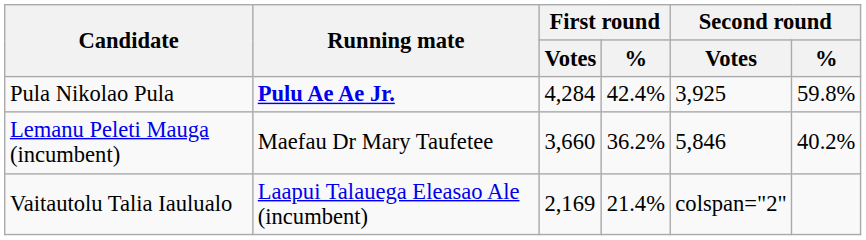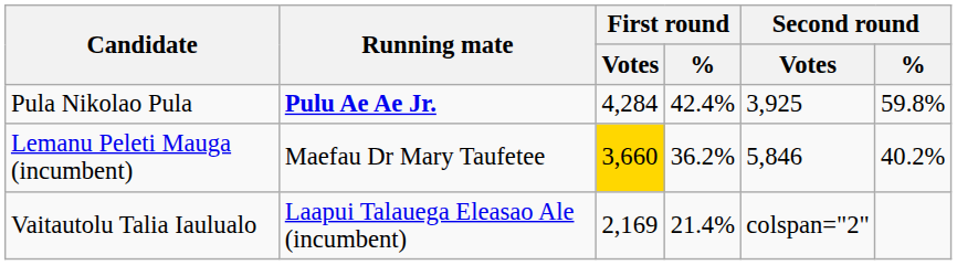 <table class="wikitable">
 <tr>
 <th rowspan="2">Candidate</th>
 <th rowspan="2">Running mate</th>
 <th colspan="2">First round</th>
 <th colspan="2">Second round</th>
 </tr>
 <tr>
 <th>Votes</th>
 <th>%</th>
 <th>Votes</th>
 <th>%</th>
 </tr>
 <tr>
 <td>Pula Nikolao Pula</td>
 <td><strong><a href='#'>Pulu Ae Ae Jr.</a></strong></td>
 <td>4,284</td>
 <td>42.4%</td>
 <td>3,925</td>
 <td>59.8%</td>
 </tr>
 <tr>
 <td><a href='#'>Lemanu Peleti Mauga</a> (incumbent)</td>
 <td>Maefau Dr Mary Taufetee</td>
-<td>3,660</td>
+<td style="background: gold;">3,660</td>
 <td>36.2%</td>
 <td>5,846</td>
 <td>40.2%</td>
 </tr>
 <tr>
 <td>Vaitautolu Talia Iaulualo</td>
 <td><a href='#'>Laapui Talauega Eleasao Ale</a> (incumbent)</td>
 <td>2,169</td>
 <td>21.4%</td>
 <td>colspan="2" </td>
 </tr>
 </table>
